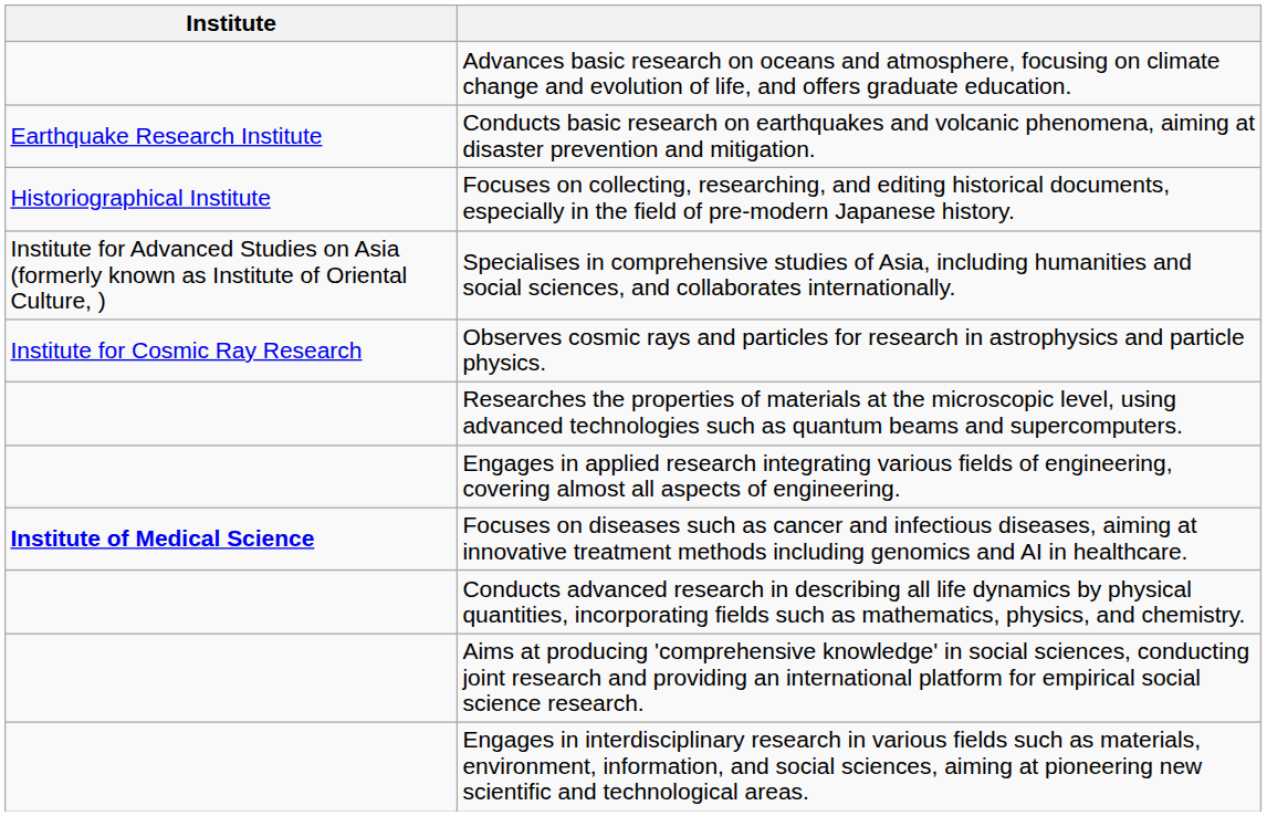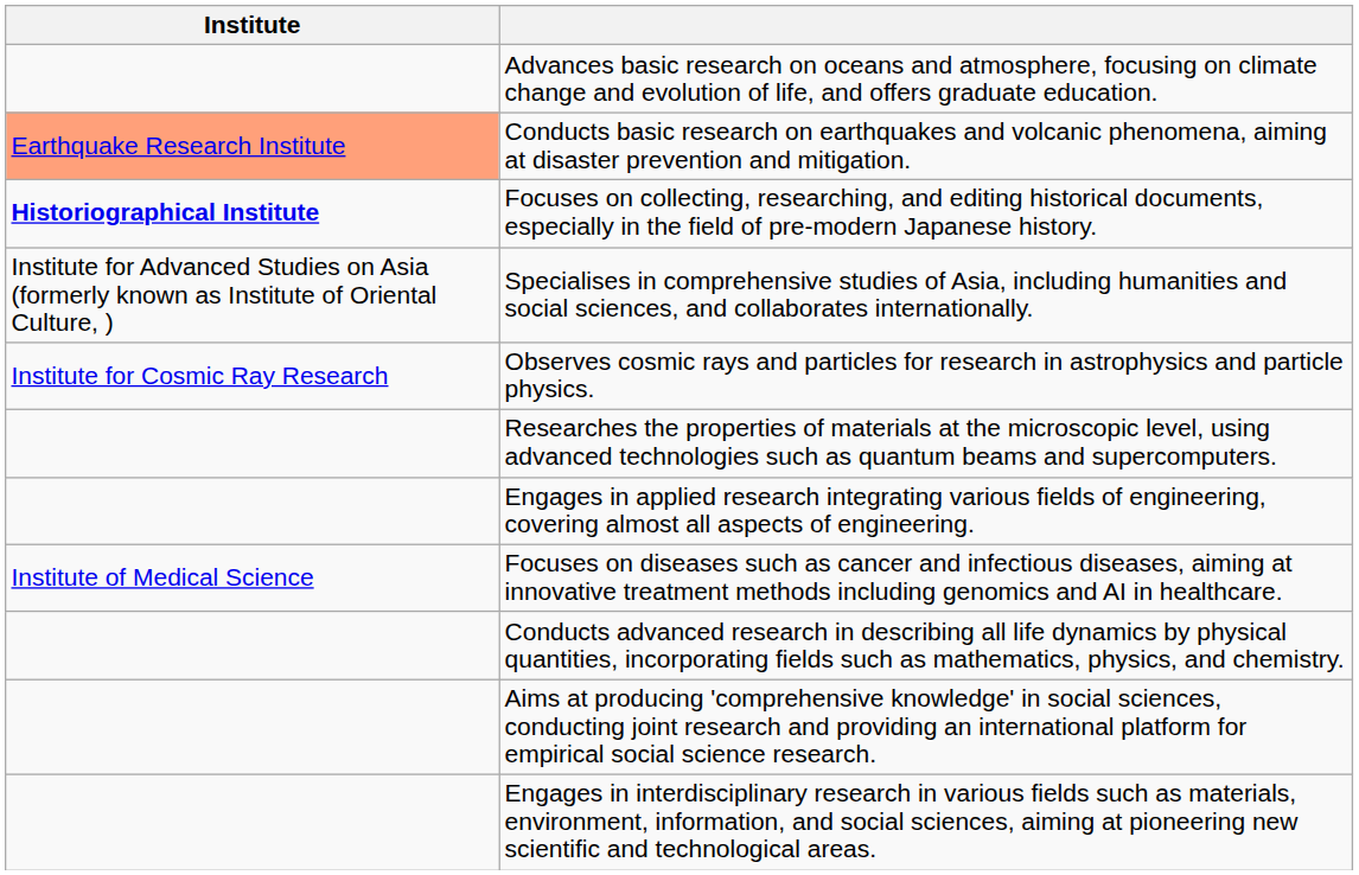 <table class="wikitable">
 <tr>
 <th>Institute</th>
 <th></th>
 </tr>
 <tr>
 <td></td>
 <td>Advances basic research on oceans and atmosphere, focusing on climate change and evolution of life, and offers graduate education.</td>
 </tr>
 <tr>
-<td><a href='#'>Earthquake Research Institute</a></td>
+<td style="background: lightsalmon;"><a href='#'>Earthquake Research Institute</a></td>
 <td>Conducts basic research on earthquakes and volcanic phenomena, aiming at disaster prevention and mitigation.</td>
 </tr>
 <tr>
-<td><a href='#'>Historiographical Institute</a></td>
+<td><strong><a href='#'>Historiographical Institute</a></strong></td>
 <td>Focuses on collecting, researching, and editing historical documents, especially in the field of pre-modern Japanese history.</td>
 </tr>
 <tr>
 <td>Institute for Advanced Studies on Asia (formerly known as Institute of Oriental Culture, )</td>
 <td>Specialises in comprehensive studies of Asia, including humanities and social sciences, and collaborates internationally.</td>
 </tr>
 <tr>
 <td><a href='#'>Institute for Cosmic Ray Research</a></td>
 <td>Observes cosmic rays and particles for research in astrophysics and particle physics.</td>
 </tr>
 <tr>
 <td></td>
 <td>Researches the properties of materials at the microscopic level, using advanced technologies such as quantum beams and supercomputers.</td>
 </tr>
 <tr>
 <td></td>
 <td>Engages in applied research integrating various fields of engineering, covering almost all aspects of engineering.</td>
 </tr>
 <tr>
-<td><strong><a href='#'>Institute of Medical Science</a></strong></td>
+<td><a href='#'>Institute of Medical Science</a></td>
 <td>Focuses on diseases such as cancer and infectious diseases, aiming at innovative treatment methods including genomics and AI in healthcare.</td>
 </tr>
 <tr>
 <td></td>
 <td>Conducts advanced research in describing all life dynamics by physical quantities, incorporating fields such as mathematics, physics, and chemistry.</td>
 </tr>
 <tr>
 <td></td>
 <td>Aims at producing 'comprehensive knowledge' in social sciences, conducting joint research and providing an international platform for empirical social science research.</td>
 </tr>
 <tr>
 <td></td>
 <td>Engages in interdisciplinary research in various fields such as materials, environment, information, and social sciences, aiming at pioneering new scientific and technological areas.</td>
 </tr>
 </table>
